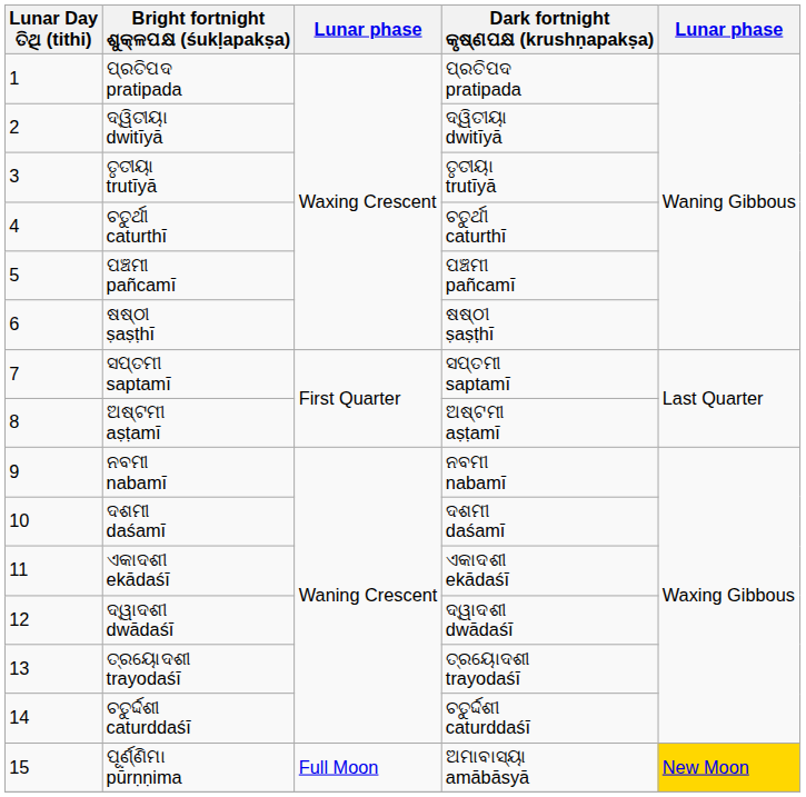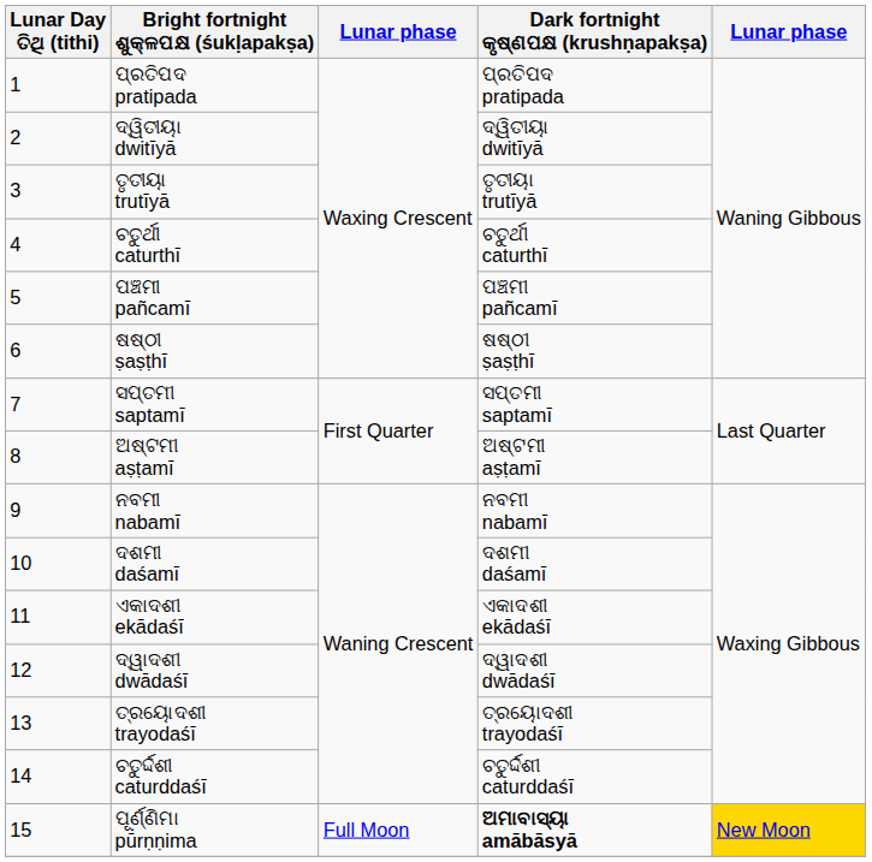 <table class="wikitable">
 <tr>
 <th>Lunar Day<br>ତିଥି (tithi)</th>
 <th>Bright fortnight<br>ଶୁକ୍ଳପକ୍ଷ (śukḷapakṣa)</th>
 <th><a href='#'>Lunar phase</a></th>
 <th>Dark fortnight<br>କୃଷ୍ଣପକ୍ଷ (krushṇapakṣa)</th>
 <th><a href='#'>Lunar phase</a></th>
 </tr>
 <tr>
 <td>1</td>
 <td>ପ୍ରତିପଦ<br>pratipada</td>
 <td rowspan="6">Waxing Crescent</td>
 <td>ପ୍ରତିପଦ<br>pratipada</td>
 <td rowspan="6">Waning Gibbous</td>
 </tr>
 <tr>
 <td>2</td>
 <td>ଦ୍ୱିତୀୟା<br>dwitīyā</td>
 <td>ଦ୍ୱିତୀୟା<br>dwitīyā</td>
 </tr>
 <tr>
 <td>3</td>
 <td>ତୃତୀୟା<br>trutīyā</td>
 <td>ତୃତୀୟା<br>trutīyā</td>
 </tr>
 <tr>
 <td>4</td>
 <td>ଚତୁର୍ଥୀ<br>caturthī</td>
 <td>ଚତୁର୍ଥୀ<br>caturthī</td>
 </tr>
 <tr>
 <td>5</td>
 <td>ପଞ୍ଚମୀ<br>pañcamī</td>
 <td>ପଞ୍ଚମୀ<br>pañcamī</td>
 </tr>
 <tr>
 <td>6</td>
 <td>ଷଷ୍ଠୀ<br>ṣaṣṭhī</td>
 <td>ଷଷ୍ଠୀ<br>ṣaṣṭhī</td>
 </tr>
 <tr>
 <td>7</td>
 <td>ସପ୍ତମୀ<br>saptamī</td>
 <td rowspan="2">First Quarter</td>
 <td>ସପ୍ତମୀ<br>saptamī</td>
 <td rowspan="2">Last Quarter</td>
 </tr>
 <tr>
 <td>8</td>
 <td>ଅଷ୍ଟମୀ<br>aṣṭamī</td>
 <td>ଅଷ୍ଟମୀ<br>aṣṭamī</td>
 </tr>
 <tr>
 <td>9</td>
 <td>ନବମୀ<br>nabamī</td>
 <td rowspan="6">Waning Crescent</td>
 <td>ନବମୀ<br>nabamī</td>
 <td rowspan="6">Waxing Gibbous</td>
 </tr>
 <tr>
 <td>10</td>
 <td>ଦଶମୀ<br>daśamī</td>
 <td>ଦଶମୀ<br>daśamī</td>
 </tr>
 <tr>
 <td>11</td>
 <td>ଏକାଦଶୀ<br>ekādaśī</td>
 <td>ଏକାଦଶୀ<br>ekādaśī</td>
 </tr>
 <tr>
 <td>12</td>
 <td>ଦ୍ୱାଦଶୀ<br>dwādaśī</td>
 <td>ଦ୍ୱାଦଶୀ<br>dwādaśī</td>
 </tr>
 <tr>
 <td>13</td>
 <td>ତ୍ରୟୋଦଶୀ<br>trayodaśī</td>
 <td>ତ୍ରୟୋଦଶୀ<br>trayodaśī</td>
 </tr>
 <tr>
 <td>14</td>
 <td>ଚତୁର୍ଦ୍ଦଶୀ<br>caturddaśī</td>
 <td>ଚତୁର୍ଦ୍ଦଶୀ<br>caturddaśī</td>
 </tr>
 <tr>
 <td>15</td>
 <td>ପୂର୍ଣ୍ଣିମା<br>pūrṇṇima</td>
 <td><a href='#'>Full Moon</a></td>
-<td>ଅମାବାସ୍ୟା<br>amābāsyā</td>
+<td><strong>ଅମାବାସ୍ୟା<br>amābāsyā</strong></td>
 <td style="background: gold;"><a href='#'>New Moon</a></td>
 </tr>
 <tr>
 </tr>
 </table>
